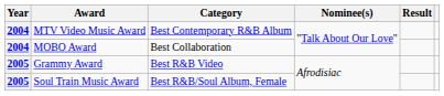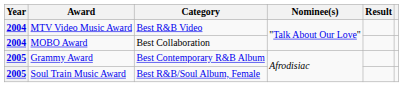 <table class="wikitable sortable plainrowheaders">
 <tr>
 <th scope="col">Year</th>
 <th scope="col">Award</th>
 <th scope="col">Category</th>
 <th scope="col">Nominee(s)</th>
 <th scope="col">Result</th>
 <th scope="col"></th>
 </tr>
 <tr>
 <th scope="row"><a href='#'>2004</a></th>
 <td><a href='#'>MTV Video Music Award</a></td>
-<td><a href='#'>Best Contemporary R&B Album</a></td>
+<td><a href='#'>Best R&B Video</a></td>
 <td rowspan="2">"<a href='#'>Talk About Our Love</a>"</td>
 <td></td>
 <td align="center"></td>
 </tr>
 <tr>
 <th scope="row"><a href='#'>2004</a></th>
 <td><a href='#'>MOBO Award</a></td>
 <td>Best Collaboration</td>
 <td></td>
 <td align="center"></td>
 </tr>
 <tr>
 <th scope="row"><a href='#'>2005</a></th>
 <td><a href='#'>Grammy Award</a></td>
-<td><a href='#'>Best R&B Video</a></td>
+<td><a href='#'>Best Contemporary R&B Album</a></td>
 <td rowspan="2"><em>Afrodisiac</em></td>
 <td></td>
 <td align="center"></td>
 </tr>
 <tr>
 <th scope="row"><a href='#'>2005</a></th>
 <td><a href='#'>Soul Train Music Award</a></td>
 <td><a href='#'>Best R&B/Soul Album, Female</a></td>
 <td></td>
 <td align="center"></td>
 </tr>
 </table>
